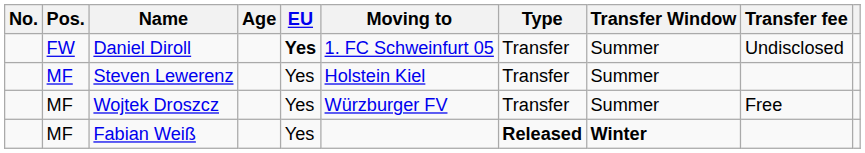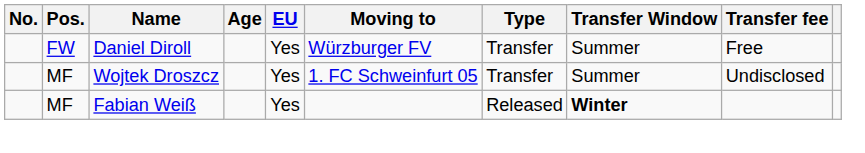 <table class="wikitable" Style="font-size:90%">
 <tr>
 <th>No.</th>
 <th>Pos.</th>
 <th>Name</th>
 <th>Age</th>
 <th><a href='#'>EU</a></th>
 <th>Moving to</th>
 <th>Type</th>
 <th>Transfer Window</th>
 <th>Transfer fee</th>
 <th></th>
 </tr>
 <tr>
 <td></td>
 <td><a href='#'>FW</a></td>
 <td> <a href='#'>Daniel Diroll</a></td>
 <td></td>
-<td><strong>Yes</strong></td>
-<td><a href='#'>1. FC Schweinfurt 05</a></td>
-<td>Transfer</td>
-<td>Summer</td>
-<td>Undisclosed</td>
-<td></td>
-</tr>
-<tr>
-<td></td>
-<td><a href='#'>MF</a></td>
-<td> <a href='#'>Steven Lewerenz</a></td>
-<td></td>
-<td>Yes</td>
-<td><a href='#'>Holstein Kiel</a></td>
-<td>Transfer</td>
-<td>Summer</td>
-<td></td>
-<td></td>
-</tr>
-<tr>
-<td></td>
-<td>MF</td>
-<td> <a href='#'>Wojtek Droszcz</a></td>
-<td></td>
 <td>Yes</td>
 <td><a href='#'>Würzburger FV</a></td>
 <td>Transfer</td>
 <td>Summer</td>
 <td>Free</td>
 <td></td>
 </tr>
 <tr>
 <td></td>
 <td>MF</td>
+<td> <a href='#'>Wojtek Droszcz</a></td>
+<td></td>
+<td>Yes</td>
+<td><a href='#'>1. FC Schweinfurt 05</a></td>
+<td>Transfer</td>
+<td>Summer</td>
+<td>Undisclosed</td>
+<td></td>
+</tr>
+<tr>
+<td></td>
+<td>MF</td>
 <td> <a href='#'>Fabian Weiß</a></td>
 <td></td>
 <td>Yes</td>
 <td></td>
-<td><strong>Released</strong></td>
+<td>Released</td>
 <td><strong>Winter</strong></td>
 <td></td>
 <td></td>
 </tr>
 </table>
